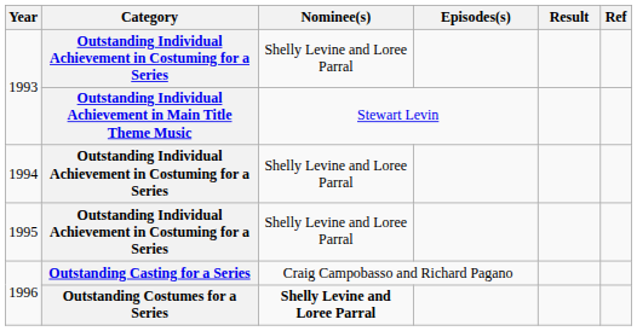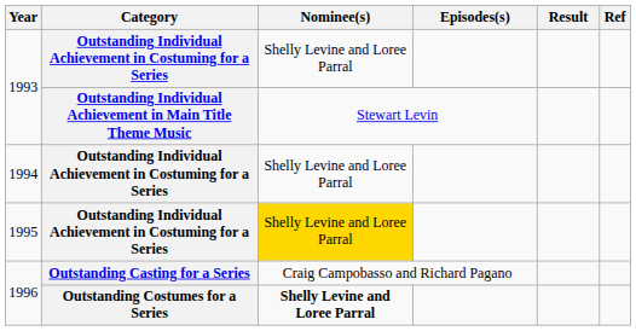 <table class="wikitable plainrowheaders" style="font-size: 90%; text-align:center" width=100%>
 <tr>
 <th scope="col" width="5%">Year</th>
 <th scope="col" width="35%">Category</th>
 <th scope="col" width="25%">Nominee(s)</th>
 <th scope="col" width="20%">Episodes(s)</th>
 <th scope="col" width="10%">Result</th>
 <th scope="col" width="5%">Ref</th>
 </tr>
 <tr>
 <td rowspan="2">1993</td>
 <th scope="row" style="text-align:center"><a href='#'>Outstanding Individual Achievement in Costuming for a Series</a></th>
 <td>Shelly Levine and Loree Parral</td>
 <td></td>
 <td></td>
 <td></td>
 </tr>
 <tr>
 <th scope="row" style="text-align:center"><a href='#'>Outstanding Individual Achievement in Main Title Theme Music</a></th>
 <td colspan="2"><a href='#'>Stewart Levin</a></td>
 <td></td>
 <td></td>
 </tr>
 <tr>
 <td>1994</td>
 <th scope="row" style="text-align:center">Outstanding Individual Achievement in Costuming for a Series</th>
 <td>Shelly Levine and Loree Parral</td>
 <td></td>
 <td></td>
 <td></td>
 </tr>
 <tr>
 <td>1995</td>
 <th scope="row" style="text-align:center">Outstanding Individual Achievement in Costuming for a Series</th>
-<td>Shelly Levine and Loree Parral</td>
+<td style="background: gold;">Shelly Levine and Loree Parral</td>
 <td></td>
 <td></td>
 <td></td>
 </tr>
 <tr>
 <td rowspan="2">1996</td>
 <th scope="row" style="text-align:center"><a href='#'>Outstanding Casting for a Series</a></th>
 <td colspan="2">Craig Campobasso and Richard Pagano</td>
 <td></td>
 <td></td>
 </tr>
 <tr>
 <th scope="row" style="text-align:center">Outstanding Costumes for a Series</th>
 <td><strong>Shelly Levine and Loree Parral</strong></td>
 <td></td>
 <td></td>
 <td></td>
 </tr>
 </table>
